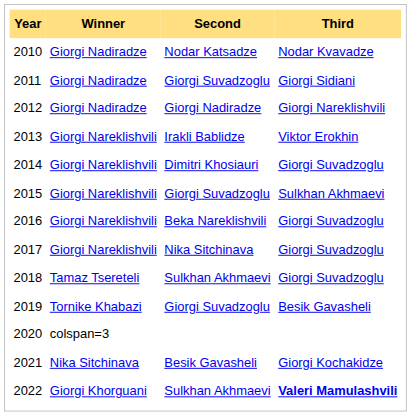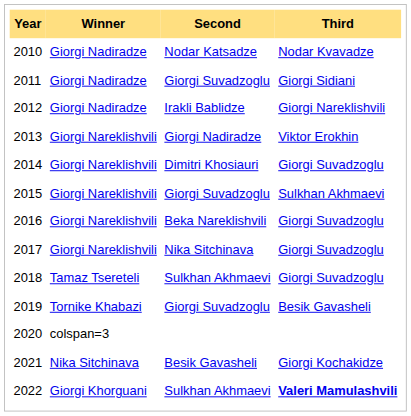 <table cellpadding="4" cellspacing="0"  style="border: 1px solid silver; color: black; margin: 0 0 0.5em 0; background-color: white; padding: 5px; text-align: left; font-size:85%; vertical-align: top; line-height:1.6em;">
 <tr>
 <th scope=col; align="center" bgcolor="FFDF80">Year</th>
 <th scope=col; align="center" bgcolor="FFDF80">Winner</th>
 <th scope=col; align="center" bgcolor="FFDF80">Second</th>
 <th scope=col; align="center" bgcolor="FFDF80">Third</th>
 </tr>
 <tr>
 <td>2010</td>
 <td><a href='#'>Giorgi Nadiradze</a></td>
 <td><a href='#'>Nodar Katsadze</a></td>
 <td><a href='#'>Nodar Kvavadze</a></td>
 </tr>
 <tr>
 <td>2011</td>
 <td><a href='#'>Giorgi Nadiradze</a></td>
 <td><a href='#'>Giorgi Suvadzoglu</a></td>
 <td><a href='#'>Giorgi Sidiani</a></td>
 </tr>
 <tr>
 <td>2012</td>
 <td><a href='#'>Giorgi Nadiradze</a></td>
-<td><a href='#'>Giorgi Nadiradze</a></td>
+<td><a href='#'>Irakli Bablidze</a></td>
 <td><a href='#'>Giorgi Nareklishvili</a></td>
 </tr>
 <tr>
 <td>2013</td>
 <td><a href='#'>Giorgi Nareklishvili</a></td>
-<td><a href='#'>Irakli Bablidze</a></td>
+<td><a href='#'>Giorgi Nadiradze</a></td>
 <td><a href='#'>Viktor Erokhin</a></td>
 </tr>
 <tr>
 <td>2014</td>
 <td><a href='#'>Giorgi Nareklishvili</a></td>
 <td><a href='#'>Dimitri Khosiauri</a></td>
 <td><a href='#'>Giorgi Suvadzoglu</a></td>
 </tr>
 <tr>
 <td>2015</td>
 <td><a href='#'>Giorgi Nareklishvili</a></td>
 <td><a href='#'>Giorgi Suvadzoglu</a></td>
 <td><a href='#'>Sulkhan Akhmaevi</a></td>
 </tr>
 <tr>
 <td>2016</td>
 <td><a href='#'>Giorgi Nareklishvili</a></td>
 <td><a href='#'>Beka Nareklishvili</a></td>
 <td><a href='#'>Giorgi Suvadzoglu</a></td>
 </tr>
 <tr>
 <td>2017</td>
 <td><a href='#'>Giorgi Nareklishvili</a></td>
 <td><a href='#'>Nika Sitchinava</a></td>
 <td><a href='#'>Giorgi Suvadzoglu</a></td>
 </tr>
 <tr>
 <td>2018</td>
 <td><a href='#'>Tamaz Tsereteli</a></td>
 <td><a href='#'>Sulkhan Akhmaevi</a></td>
 <td><a href='#'>Giorgi Suvadzoglu</a></td>
 </tr>
 <tr>
 <td>2019</td>
 <td><a href='#'>Tornike Khabazi</a></td>
 <td><a href='#'>Giorgi Suvadzoglu</a></td>
 <td><a href='#'>Besik Gavasheli</a></td>
 </tr>
 <tr>
 <td>2020</td>
 <td>colspan=3 </td>
 </tr>
 <tr>
 <td>2021</td>
 <td><a href='#'>Nika Sitchinava</a></td>
 <td><a href='#'>Besik Gavasheli</a></td>
 <td><a href='#'>Giorgi Kochakidze</a></td>
 </tr>
 <tr>
 <td>2022</td>
 <td><a href='#'>Giorgi Khorguani</a></td>
 <td><a href='#'>Sulkhan Akhmaevi</a></td>
 <td><strong><a href='#'>Valeri Mamulashvili</a></strong></td>
 </tr>
 </table>
